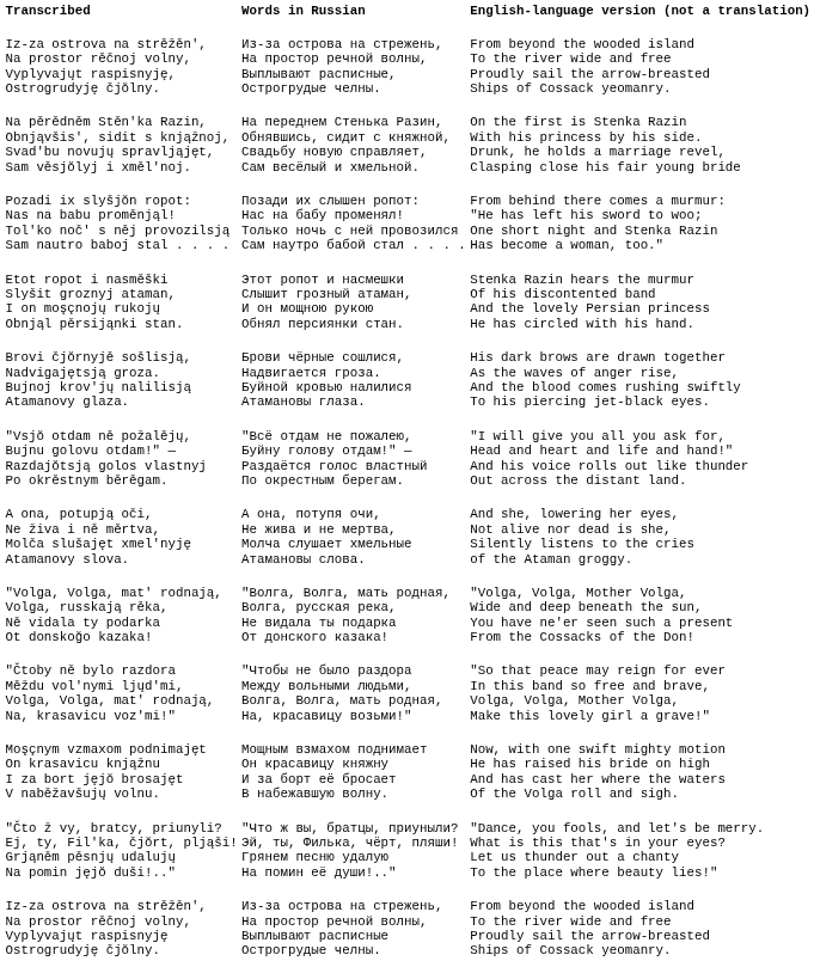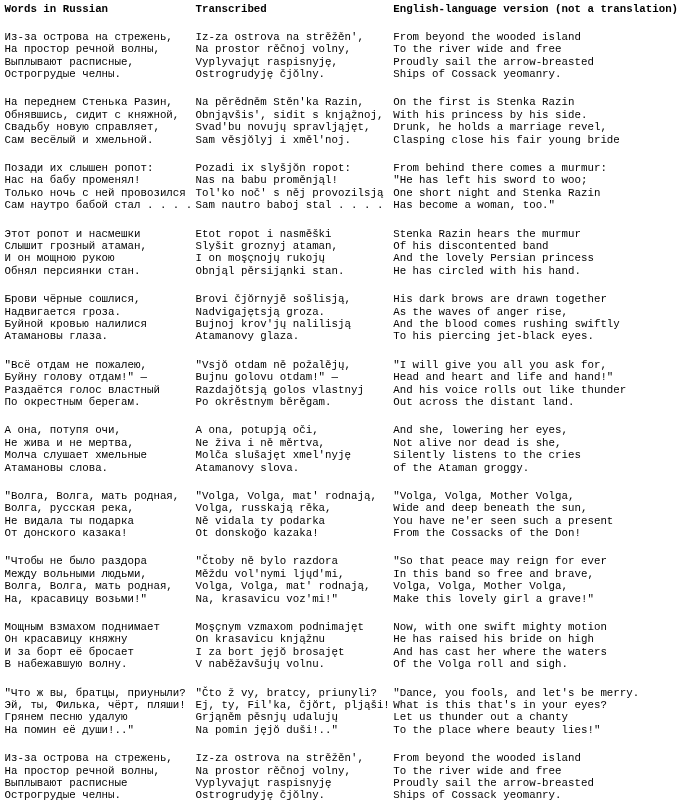 <table valign=top>
 <tr>
+<td><strong>Words in Russian</strong></td>
 <td><strong>Transcribed</strong></td>
-<td><strong>Words in Russian</strong></td>
 <td><strong>English-language version (not a translation)</strong></td>
 </tr>
 <tr>
+<td><br>Из-за острова на стрежень,<br>	  На простор речной волны,<br>	  Выплывают расписные,<br>	  Острогрудые челны.<br></td>
 <td><br>Iz-za ostrova na strěžěn',<br>	  Na prostor rěčnoj volny,<br>	  Vyplyvajųt raspisnyję,<br>	  Ostrogrudyję čjŏlny.<br></td>
-<td><br>Из-за острова на стрежень,<br>	  На простор речной волны,<br>	  Выплывают расписные,<br>	  Острогрудые челны.<br></td>
 <td><br>From beyond the wooded island<br> To the river wide and free<br> Proudly sail the arrow-breasted<br> Ships of Cossack yeomanry.<br></td>
 </tr>
 <tr>
+<td><br>На переднем Стенька Разин,<br>	  Обнявшись, сидит с княжной,<br>	  Свадьбу новую справляет,<br>	  Сам весёлый и хмельной.<br></td>
 <td><br>Na pěrědněm Stěn'ka Razin,<br>	  Obnjąvšis', sidit s knjąžnoj,<br>	  Svad'bu novujų spravljąjęt,<br>	  Sam věsjŏlyj i xměl'noj.<br></td>
-<td><br>На переднем Стенька Разин,<br>	  Обнявшись, сидит с княжной,<br>	  Свадьбу новую справляет,<br>	  Сам весёлый и хмельной.<br></td>
 <td><br>On the first is Stenka Razin<br> With his princess by his side.<br> Drunk, he holds a marriage revel,<br> Clasping close his fair young bride<br></td>
 </tr>
 <tr>
+<td><br>Позади их слышен ропот:<br>	  Нас на бабу променял!<br>	  Только ночь с ней провозился<br>	  Сам наутро бабой стал . . . .<br></td>
 <td><br>Pozadi ix slyšjŏn ropot:<br> Nas na babu proměnjąl!<br>  Tol'ko noč' s něj provozilsją<br> Sam nautro baboj stal . . . .<br></td>
-<td><br>Позади их слышен ропот:<br>	  Нас на бабу променял!<br>	  Только ночь с ней провозился<br>	  Сам наутро бабой стал . . . .<br></td>
 <td><br>From behind there comes a murmur:<br> "He has left his sword to woo;<br> One short night and Stenka Razin<br> Has become a woman, too."<br></td>
 </tr>
 <tr>
+<td><br>Этот ропот и насмешки<br>	  Слышит грозный атаман,<br>	  И он мощною рукою<br>	  Обнял персиянки стан.<br></td>
 <td><br>Etot ropot i nasměški<br>	  Slyšit groznyj ataman,<br>	  I on moşçnojų rukojų<br>	  Obnjąl pěrsijąnki stan.<br></td>
-<td><br>Этот ропот и насмешки<br>	  Слышит грозный атаман,<br>	  И он мощною рукою<br>	  Обнял персиянки стан.<br></td>
 <td><br>Stenka Razin hears the murmur<br> Of his discontented band<br> And the lovely Persian princess<br> He has circled with his hand.<br></td>
 </tr>
 <tr>
+<td><br>Брови чёрные сошлися,<br>	  Надвигается гроза.<br>	  Буйной кровью налилися<br>	  Атамановы глаза.<br></td>
 <td><br>Brovi čjŏrnyjě sošlisją,<br>	  Nadvigajętsją groza.<br>	  Bujnoj krov'jų nalilisją<br>	  Atamanovy glaza.<br></td>
-<td><br>Брови чёрные сошлися,<br>	  Надвигается гроза.<br>	  Буйной кровью налилися<br>	  Атамановы глаза.<br></td>
 <td><br>His dark brows are drawn together<br> As the waves of anger rise,<br> And the blood comes rushing swiftly<br> To his piercing jet-black eyes.<br></td>
 </tr>
 <tr>
+<td><br>"Всё отдам не пожалею,<br>	  Буйну голову отдам!" —<br>	  Раздаётся голос властный<br>	  По окрестным берегам.<br></td>
 <td><br>"Vsjŏ otdam ně požalějų,<br>	  Bujnu golovu otdam!" —<br>	  Razdajŏtsją golos vlastnyj<br>	  Po okrěstnym běrěgam.<br></td>
-<td><br>"Всё отдам не пожалею,<br>	  Буйну голову отдам!" —<br>	  Раздаётся голос властный<br>	  По окрестным берегам.<br></td>
 <td><br>"I will give you all you ask for,<br> Head and heart and life and hand!"<br> And his voice rolls out like thunder<br> Out across the distant land.<br></td>
 </tr>
 <tr>
+<td><br>А она, потупя очи,<br> Не жива и не мертва,<br> Молча слушает хмельные<br> Атамановы слова.<br></td>
 <td><br>A ona, potupją oči,<br> Ne živa i ně měrtva,<br> Molča slušajęt xmel'nyję<br> Atamanovy slova.<br></td>
-<td><br>А она, потупя очи,<br> Не жива и не мертва,<br> Молча слушает хмельные<br> Атамановы слова.<br></td>
 <td><br>And she, lowering her eyes,<br> Not alive nor dead is she,<br> Silently listens to the cries<br> of the Ataman groggy.<br></td>
 </tr>
 <tr>
+<td><br>"Волга, Волга, мать родная,<br>	  Волга, русская река,<br>	  Не видала ты подарка<br>	  От донского казака!<br></td>
 <td><br>"Volga, Volga, mat' rodnają,<br>	  Volga, russkają rěka,<br>	  Ně vidala ty podarka<br>	  Ot donskoğo kazaka!<br></td>
-<td><br>"Волга, Волга, мать родная,<br>	  Волга, русская река,<br>	  Не видала ты подарка<br>	  От донского казака!<br></td>
 <td><br>"Volga, Volga, Mother Volga,<br> Wide and deep beneath the sun,<br> You have ne'er seen such a present<br> From the Cossacks of the Don!<br></td>
 </tr>
 <tr>
+<td><br>"Чтобы не было раздора<br>	  Между вольными людьми,<br>	  Волга, Волга, мать родная,<br>	  На, красавицу возьми!"<br></td>
 <td><br>"Čtoby ně bylo razdora<br>	  Měždu vol'nymi ljųd'mi,<br>	  Volga, Volga, mat' rodnają,<br>	  Na, krasavicu voz'mi!"<br></td>
-<td><br>"Чтобы не было раздора<br>	  Между вольными людьми,<br>	  Волга, Волга, мать родная,<br>	  На, красавицу возьми!"<br></td>
 <td><br>"So that peace may reign for ever<br> In this band so free and brave,<br> Volga, Volga, Mother Volga,<br> Make this lovely girl a grave!"<br></td>
 </tr>
 <tr>
+<td><br>Мощным взмахом поднимает<br>	  Он красавицу княжну<br>	  И за борт её бросает<br>	  В набежавшую волну.<br></td>
 <td><br>Moşçnym vzmaxom podnimajęt<br> On krasavicu knjąžnu<br>	  I za bort jęjŏ brosajęt<br>	  V naběžavšujų volnu.<br></td>
-<td><br>Мощным взмахом поднимает<br>	  Он красавицу княжну<br>	  И за борт её бросает<br>	  В набежавшую волну.<br></td>
 <td><br>Now, with one swift mighty motion<br> He has raised his bride on high<br> And has cast her where the waters<br> Of the Volga roll and sigh.<br></td>
 </tr>
 <tr>
+<td><br>"Что ж вы, братцы, приуныли?<br>	  Эй, ты, Филька, чёрт, пляши!<br>	  Грянем песню удалую<br>	  На помин её души!.."<br></td>
 <td><br>"Čto ž vy, bratcy, priunyli?<br>	  Ej, ty, Fil'ka, čjŏrt, pljąši!<br>	  Grjąněm pěsnjų udalujų<br>	  Na pomin jęjŏ duši!.."<br></td>
-<td><br>"Что ж вы, братцы, приуныли?<br>	  Эй, ты, Филька, чёрт, пляши!<br>	  Грянем песню удалую<br>	  На помин её души!.."<br></td>
 <td><br>"Dance, you fools, and let's be merry.<br> What is this that's in your eyes?<br> Let us thunder out a chanty<br> To the place where beauty lies!"<br></td>
 </tr>
 <tr>
+<td><br>Из-за острова на стрежень,<br>	  На простор речной волны,<br>	  Выплывают расписные<br>	  Острогрудые челны.<br></td>
 <td><br>Iz-za ostrova na strěžěn',<br>	  Na prostor rěčnoj volny,<br>	  Vyplyvajųt raspisnyję<br>	  Ostrogrudyję čjŏlny.<br></td>
-<td><br>Из-за острова на стрежень,<br>	  На простор речной волны,<br>	  Выплывают расписные<br>	  Острогрудые челны.<br></td>
 <td><br>From beyond the wooded island<br> To the river wide and free<br> Proudly sail the arrow-breasted<br> Ships of Cossack yeomanry.<br></td>
 </tr>
 </table>
